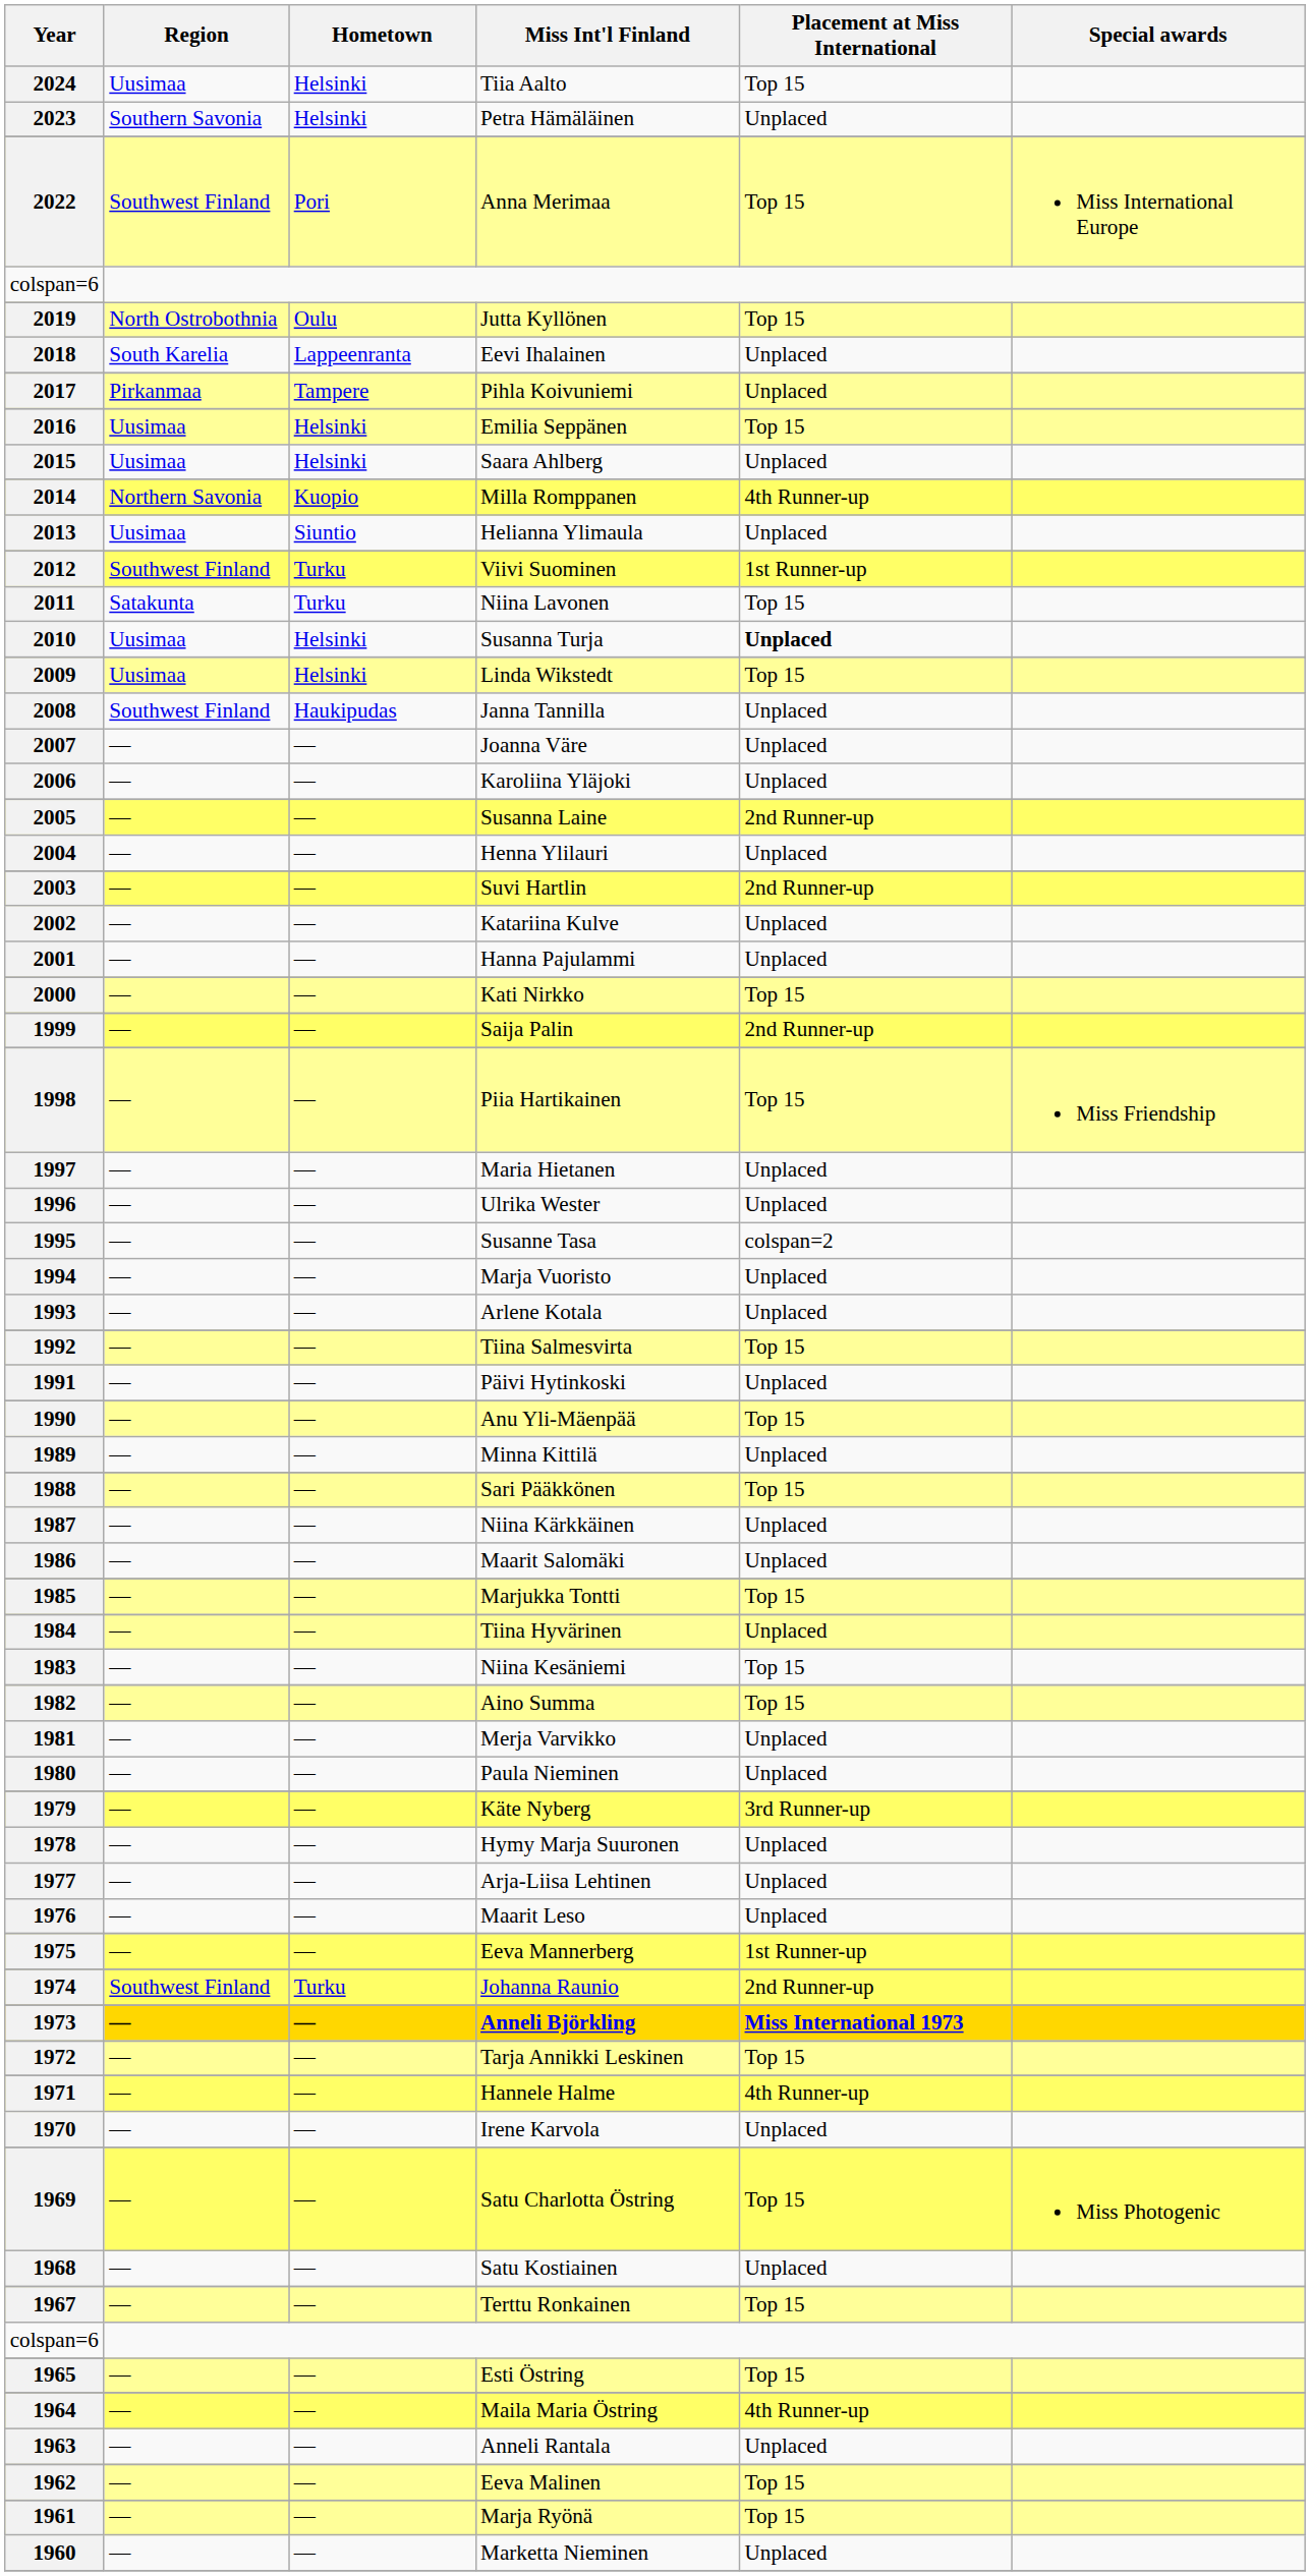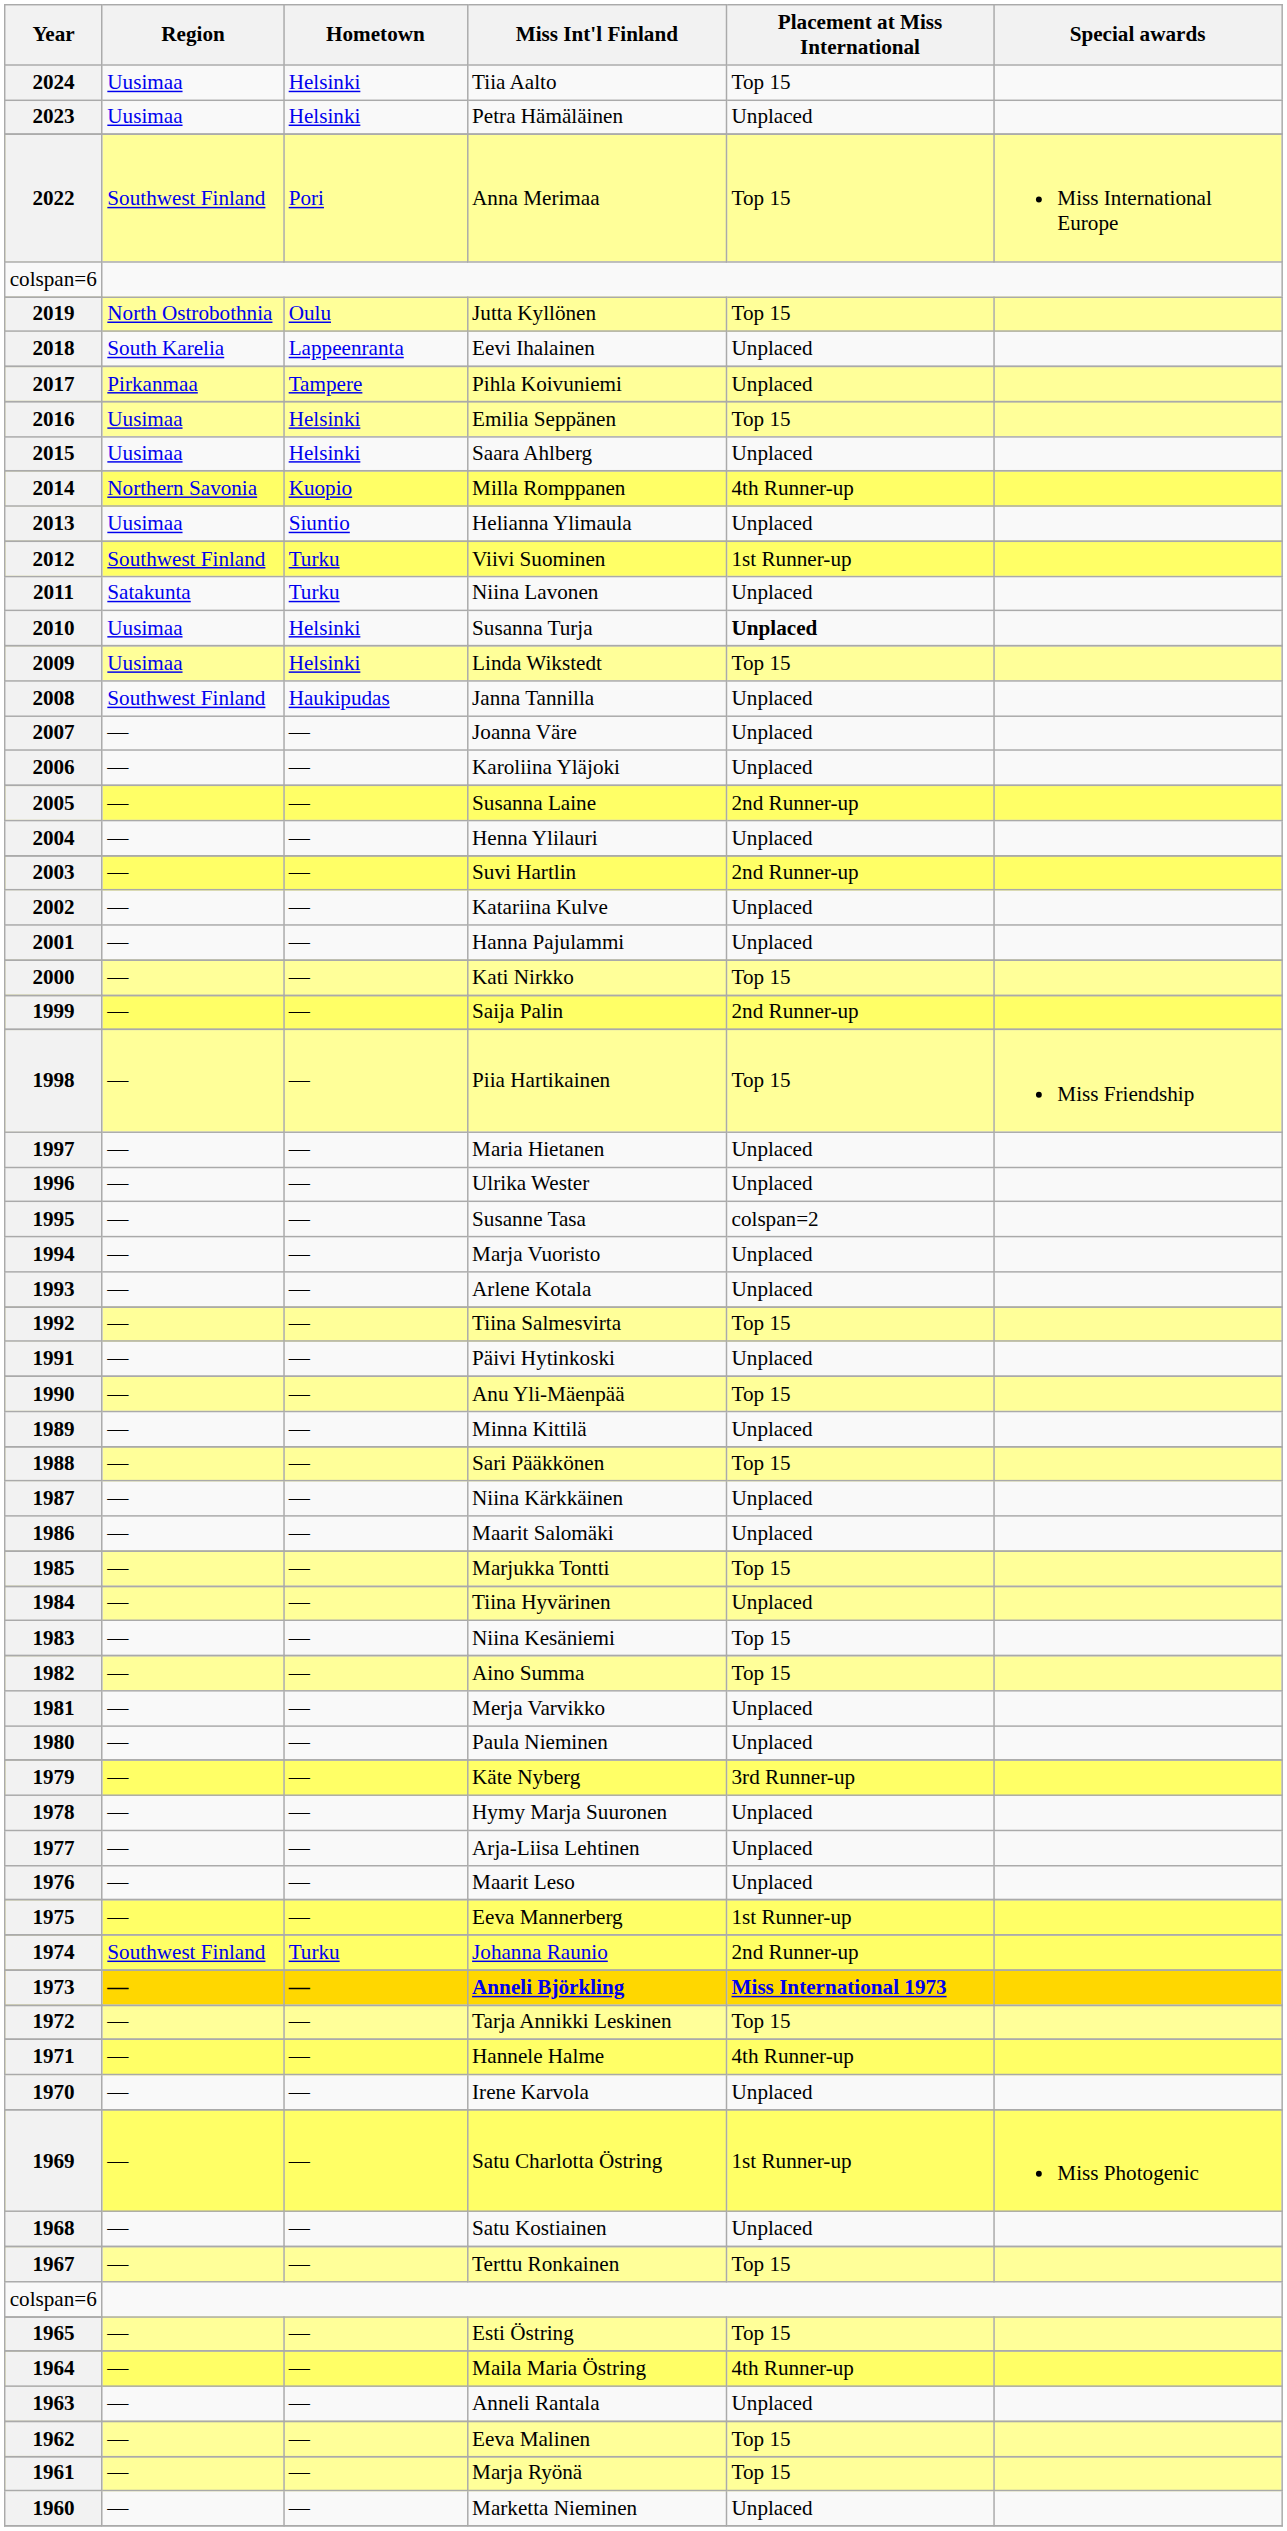 <table class="wikitable " style="font-size: 90%;">
 <tr>
 <th width="60">Year</th>
 <th width="150">Region</th>
 <th width="150">Hometown</th>
 <th width="250">Miss Int'l Finland</th>
 <th width="250">Placement at Miss International</th>
 <th width="250">Special awards</th>
 </tr>
 <tr>
 <th>2024</th>
 <td><a href='#'>Uusimaa</a></td>
 <td><a href='#'>Helsinki</a></td>
 <td>Tiia Aalto</td>
 <td>Top 15</td>
 </tr>
 <tr>
 <th>2023</th>
-<td><a href='#'>Southern Savonia</a></td>
+<td><a href='#'>Uusimaa</a></td>
 <td><a href='#'>Helsinki</a></td>
 <td>Petra Hämäläinen</td>
 <td>Unplaced</td>
 <td></td>
 </tr>
 <tr>
 </tr>
 <tr style="background:#FFFF99;">
 <th>2022</th>
 <td><a href='#'>Southwest Finland</a></td>
 <td><a href='#'>Pori</a></td>
 <td>Anna Merimaa</td>
 <td>Top 15</td>
 <td><br><ul><li>Miss International Europe</li></ul></td>
 </tr>
 <tr>
 <td>colspan=6 </td>
 </tr>
 <tr>
 </tr>
 <tr style="background-color:#FFFF99">
 <th>2019</th>
 <td><a href='#'>North Ostrobothnia</a></td>
 <td><a href='#'>Oulu</a></td>
 <td>Jutta Kyllönen</td>
 <td>Top 15</td>
 <td></td>
 </tr>
 <tr>
 <th>2018</th>
 <td><a href='#'>South Karelia</a></td>
 <td><a href='#'>Lappeenranta</a></td>
 <td>Eevi Ihalainen</td>
 <td>Unplaced</td>
 <td></td>
 </tr>
 <tr>
 </tr>
 <tr style="background-color:#FFFF99">
 <th>2017</th>
 <td><a href='#'>Pirkanmaa</a></td>
 <td><a href='#'>Tampere</a></td>
 <td>Pihla Koivuniemi</td>
 <td>Unplaced</td>
 <td></td>
 </tr>
 <tr>
 </tr>
 <tr style="background-color:#FFFF99">
 <th>2016</th>
 <td><a href='#'>Uusimaa</a></td>
 <td><a href='#'>Helsinki</a></td>
 <td>Emilia Seppänen</td>
 <td>Top 15</td>
 <td></td>
 </tr>
 <tr>
 <th>2015</th>
 <td><a href='#'>Uusimaa</a></td>
 <td><a href='#'>Helsinki</a></td>
 <td>Saara Ahlberg</td>
 <td>Unplaced</td>
 <td></td>
 </tr>
 <tr>
 </tr>
 <tr style="background-color:#FFFF66">
 <th>2014</th>
 <td><a href='#'>Northern Savonia</a></td>
 <td><a href='#'>Kuopio</a></td>
 <td>Milla Romppanen</td>
 <td>4th Runner-up</td>
 <td></td>
 </tr>
 <tr>
 <th>2013</th>
 <td><a href='#'>Uusimaa</a></td>
 <td><a href='#'>Siuntio</a></td>
 <td>Helianna Ylimaula</td>
 <td>Unplaced</td>
 <td></td>
 </tr>
 <tr>
 </tr>
 <tr style="background-color:#FFFF66">
 <th>2012</th>
 <td><a href='#'>Southwest Finland</a></td>
 <td><a href='#'>Turku</a></td>
 <td>Viivi Suominen</td>
 <td>1st Runner-up</td>
 <td></td>
 </tr>
 <tr>
 <th>2011</th>
 <td><a href='#'>Satakunta</a></td>
 <td><a href='#'>Turku</a></td>
 <td>Niina Lavonen</td>
-<td>Top 15</td>
+<td>Unplaced</td>
 <td></td>
 </tr>
 <tr>
 <th>2010</th>
 <td><a href='#'>Uusimaa</a></td>
 <td><a href='#'>Helsinki</a></td>
 <td>Susanna Turja</td>
 <td><strong>Unplaced</strong></td>
 <td></td>
 </tr>
 <tr>
 </tr>
 <tr style="background-color:#FFFF99">
 <th>2009</th>
 <td><a href='#'>Uusimaa</a></td>
 <td><a href='#'>Helsinki</a></td>
 <td>Linda Wikstedt</td>
 <td>Top 15</td>
 <td></td>
 </tr>
 <tr>
 <th>2008</th>
 <td><a href='#'>Southwest Finland</a></td>
 <td><a href='#'>Haukipudas</a></td>
 <td>Janna Tannilla</td>
 <td>Unplaced</td>
 <td></td>
 </tr>
 <tr>
 <th>2007</th>
 <td>—</td>
 <td>—</td>
 <td>Joanna Väre</td>
 <td>Unplaced</td>
 <td></td>
 </tr>
 <tr>
 <th>2006</th>
 <td>—</td>
 <td>—</td>
 <td>Karoliina Yläjoki</td>
 <td>Unplaced</td>
 <td></td>
 </tr>
 <tr>
 </tr>
 <tr style="background-color:#FFFF66">
 <th>2005</th>
 <td>—</td>
 <td>—</td>
 <td>Susanna Laine</td>
 <td>2nd Runner-up</td>
 <td></td>
 </tr>
 <tr>
 <th>2004</th>
 <td>—</td>
 <td>—</td>
 <td>Henna Ylilauri</td>
 <td>Unplaced</td>
 <td></td>
 </tr>
 <tr>
 </tr>
 <tr style="background-color:#FFFF66">
 <th>2003</th>
 <td>—</td>
 <td>—</td>
 <td>Suvi Hartlin</td>
 <td>2nd Runner-up</td>
 <td></td>
 </tr>
 <tr>
 <th>2002</th>
 <td>—</td>
 <td>—</td>
 <td>Katariina Kulve</td>
 <td>Unplaced</td>
 <td></td>
 </tr>
 <tr>
 <th>2001</th>
 <td>—</td>
 <td>—</td>
 <td>Hanna Pajulammi</td>
 <td>Unplaced</td>
 <td></td>
 </tr>
 <tr>
 </tr>
 <tr style="background-color:#FFFF99">
 <th>2000</th>
 <td>—</td>
 <td>—</td>
 <td>Kati Nirkko</td>
 <td>Top 15</td>
 <td></td>
 </tr>
 <tr>
 </tr>
 <tr style="background-color:#FFFF66">
 <th>1999</th>
 <td>—</td>
 <td>—</td>
 <td>Saija Palin</td>
 <td>2nd Runner-up</td>
 <td></td>
 </tr>
 <tr>
 </tr>
 <tr style="background-color:#FFFF99">
 <th>1998</th>
 <td>—</td>
 <td>—</td>
 <td>Piia Hartikainen</td>
 <td>Top 15</td>
 <td align="left"><br><ul><li>Miss Friendship</li></ul></td>
 </tr>
 <tr>
 <th>1997</th>
 <td>—</td>
 <td>—</td>
 <td>Maria Hietanen</td>
 <td>Unplaced</td>
 <td></td>
 </tr>
 <tr>
 <th>1996</th>
 <td>—</td>
 <td>—</td>
 <td>Ulrika Wester</td>
 <td>Unplaced</td>
 <td></td>
 </tr>
 <tr>
 <th>1995</th>
 <td>—</td>
 <td>—</td>
 <td>Susanne Tasa</td>
 <td>colspan=2 </td>
 </tr>
 <tr>
 <th>1994</th>
 <td>—</td>
 <td>—</td>
 <td>Marja Vuoristo</td>
 <td>Unplaced</td>
 <td></td>
 </tr>
 <tr>
 <th>1993</th>
 <td>—</td>
 <td>—</td>
 <td>Arlene Kotala</td>
 <td>Unplaced</td>
 <td></td>
 </tr>
 <tr>
 </tr>
 <tr style="background-color:#FFFF99">
 <th>1992</th>
 <td>—</td>
 <td>—</td>
 <td>Tiina Salmesvirta</td>
 <td>Top 15</td>
 <td></td>
 </tr>
 <tr>
 <th>1991</th>
 <td>—</td>
 <td>—</td>
 <td>Päivi Hytinkoski</td>
 <td>Unplaced</td>
 <td></td>
 </tr>
 <tr>
 </tr>
 <tr style="background-color:#FFFF99">
 <th>1990</th>
 <td>—</td>
 <td>—</td>
 <td>Anu Yli-Mäenpää</td>
 <td>Top 15</td>
 <td></td>
 </tr>
 <tr>
 <th>1989</th>
 <td>—</td>
 <td>—</td>
 <td>Minna Kittilä</td>
 <td>Unplaced</td>
 <td></td>
 </tr>
 <tr>
 </tr>
 <tr style="background-color:#FFFF99">
 <th>1988</th>
 <td>—</td>
 <td>—</td>
 <td>Sari Pääkkönen</td>
 <td>Top 15</td>
 <td></td>
 </tr>
 <tr>
 <th>1987</th>
 <td>—</td>
 <td>—</td>
 <td>Niina Kärkkäinen</td>
 <td>Unplaced</td>
 <td></td>
 </tr>
 <tr>
 <th>1986</th>
 <td>—</td>
 <td>—</td>
 <td>Maarit Salomäki</td>
 <td>Unplaced</td>
 <td></td>
 </tr>
 <tr>
 </tr>
 <tr style="background-color:#FFFF99">
 <th>1985</th>
 <td>—</td>
 <td>—</td>
 <td>Marjukka Tontti</td>
 <td>Top 15</td>
 <td></td>
 </tr>
 <tr>
 </tr>
 <tr style="background-color:#FFFF99">
 <th>1984</th>
 <td>—</td>
 <td>—</td>
 <td>Tiina Hyvärinen</td>
 <td>Unplaced</td>
 <td></td>
 </tr>
 <tr>
 <th>1983</th>
 <td>—</td>
 <td>—</td>
 <td>Niina Kesäniemi</td>
 <td>Top 15</td>
 <td></td>
 </tr>
 <tr>
 </tr>
 <tr style="background-color:#FFFF99">
 <th>1982</th>
 <td>—</td>
 <td>—</td>
 <td>Aino Summa</td>
 <td>Top 15</td>
 <td></td>
 </tr>
 <tr>
 <th>1981</th>
 <td>—</td>
 <td>—</td>
 <td>Merja Varvikko</td>
 <td>Unplaced</td>
 <td></td>
 </tr>
 <tr>
 <th>1980</th>
 <td>—</td>
 <td>—</td>
 <td>Paula Nieminen</td>
 <td>Unplaced</td>
 <td></td>
 </tr>
 <tr>
 </tr>
 <tr style="background-color:#FFFF66">
 <th>1979</th>
 <td>—</td>
 <td>—</td>
 <td>Käte Nyberg</td>
 <td>3rd Runner-up</td>
 <td></td>
 </tr>
 <tr>
 <th>1978</th>
 <td>—</td>
 <td>—</td>
 <td>Hymy Marja Suuronen</td>
 <td>Unplaced</td>
 <td></td>
 </tr>
 <tr>
 <th>1977</th>
 <td>—</td>
 <td>—</td>
 <td>Arja-Liisa Lehtinen</td>
 <td>Unplaced</td>
 <td></td>
 </tr>
 <tr>
 <th>1976</th>
 <td>—</td>
 <td>—</td>
 <td>Maarit Leso</td>
 <td>Unplaced</td>
 <td></td>
 </tr>
 <tr>
 </tr>
 <tr style="background-color:#FFFF66">
 <th>1975</th>
 <td>—</td>
 <td>—</td>
 <td>Eeva Mannerberg</td>
 <td>1st Runner-up</td>
 <td></td>
 </tr>
 <tr>
 </tr>
 <tr style="background-color:#FFFF66">
 <th>1974</th>
 <td><a href='#'>Southwest Finland</a></td>
 <td><a href='#'>Turku</a></td>
 <td><a href='#'>Johanna Raunio</a></td>
 <td>2nd Runner-up</td>
 <td></td>
 </tr>
 <tr>
 </tr>
 <tr style="background-color:gold; font-weight: bold ">
 <th>1973</th>
 <td>—</td>
 <td>—</td>
 <td><a href='#'>Anneli Björkling</a></td>
 <td><a href='#'>Miss International 1973</a></td>
 <td></td>
 </tr>
 <tr>
 </tr>
 <tr style="background-color:#FFFF99">
 <th>1972</th>
 <td>—</td>
 <td>—</td>
 <td>Tarja Annikki Leskinen</td>
 <td>Top 15</td>
 <td></td>
 </tr>
 <tr>
 </tr>
 <tr style="background-color:#FFFF66">
 <th>1971</th>
 <td>—</td>
 <td>—</td>
 <td>Hannele Halme</td>
 <td>4th Runner-up</td>
 <td></td>
 </tr>
 <tr>
 <th>1970</th>
 <td>—</td>
 <td>—</td>
 <td>Irene Karvola</td>
 <td>Unplaced</td>
 <td></td>
 </tr>
 <tr>
 </tr>
 <tr style="background-color:#FFFF66">
 <th>1969</th>
 <td>—</td>
 <td>—</td>
 <td>Satu Charlotta Östring</td>
-<td>Top 15</td>
+<td>1st Runner-up</td>
 <td align="left"><br><ul><li>Miss Photogenic</li></ul></td>
 </tr>
 <tr>
 <th>1968</th>
 <td>—</td>
 <td>—</td>
 <td>Satu Kostiainen</td>
 <td>Unplaced</td>
 <td></td>
 </tr>
 <tr>
 </tr>
 <tr style="background-color:#FFFF99">
 <th>1967</th>
 <td>—</td>
 <td>—</td>
 <td>Terttu Ronkainen</td>
 <td>Top 15</td>
 <td></td>
 </tr>
 <tr>
 <td>colspan=6 </td>
 </tr>
 <tr>
 </tr>
 <tr style="background-color:#FFFF99">
 <th>1965</th>
 <td>—</td>
 <td>—</td>
 <td>Esti Östring</td>
 <td>Top 15</td>
 <td></td>
 </tr>
 <tr>
 </tr>
 <tr style="background-color:#FFFF66">
 <th>1964</th>
 <td>—</td>
 <td>—</td>
 <td>Maila Maria Östring</td>
 <td>4th Runner-up</td>
 <td></td>
 </tr>
 <tr>
 <th>1963</th>
 <td>—</td>
 <td>—</td>
 <td>Anneli Rantala</td>
 <td>Unplaced</td>
 <td></td>
 </tr>
 <tr>
 </tr>
 <tr style="background-color:#FFFF99">
 <th>1962</th>
 <td>—</td>
 <td>—</td>
 <td>Eeva Malinen</td>
 <td>Top 15</td>
 <td></td>
 </tr>
 <tr>
 </tr>
 <tr style="background-color:#FFFF99">
 <th>1961</th>
 <td>—</td>
 <td>—</td>
 <td>Marja Ryönä</td>
 <td>Top 15</td>
 <td></td>
 </tr>
 <tr>
 <th>1960</th>
 <td>—</td>
 <td>—</td>
 <td>Marketta Nieminen</td>
 <td>Unplaced</td>
 <td></td>
 </tr>
 <tr>
 </tr>
 </table>
